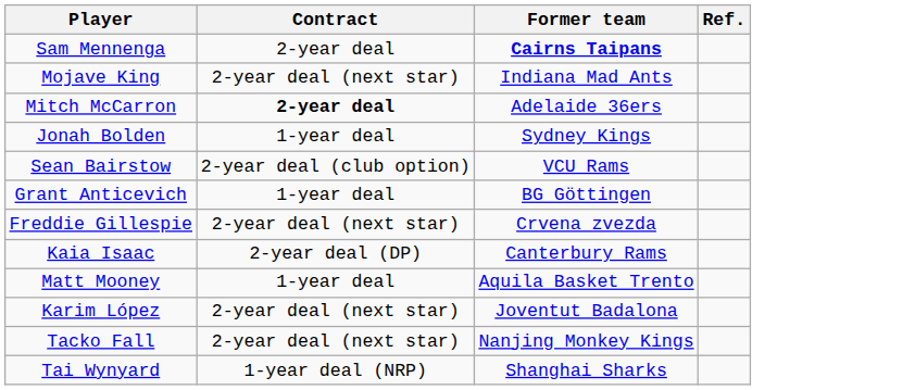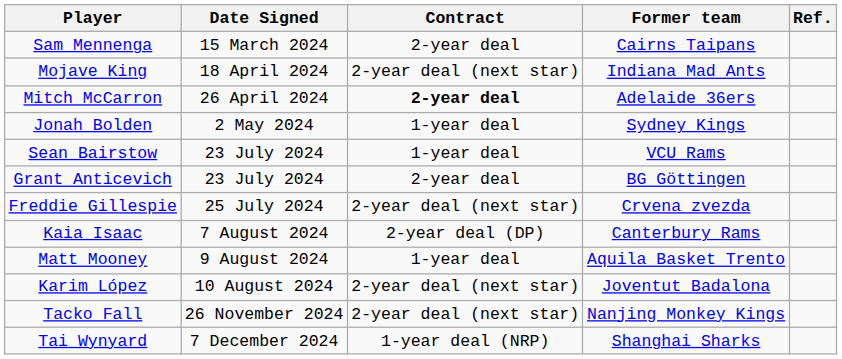 <table class="wikitable sortable sortable" style="text-align: center">
 <tr>
 <th>Player</th>
+<th>Date Signed</th>
 <th>Contract</th>
 <th>Former team</th>
 <th>Ref.</th>
 </tr>
 <tr>
 <td><a href='#'>Sam Mennenga</a></td>
+<td>15 March 2024</td>
 <td>2-year deal</td>
-<td><strong><a href='#'>Cairns Taipans</a></strong></td>
+<td><a href='#'>Cairns Taipans</a></td>
 <td></td>
 </tr>
 <tr>
 <td><a href='#'>Mojave King</a></td>
+<td>18 April 2024</td>
 <td>2-year deal (next star)</td>
 <td><a href='#'>Indiana Mad Ants</a></td>
 <td></td>
 </tr>
 <tr>
 <td><a href='#'>Mitch McCarron</a></td>
+<td>26 April 2024</td>
 <td><strong>2-year deal</strong></td>
 <td><a href='#'>Adelaide 36ers</a></td>
 <td></td>
 </tr>
 <tr>
 <td><a href='#'>Jonah Bolden</a></td>
+<td>2 May 2024</td>
 <td>1-year deal</td>
 <td><a href='#'>Sydney Kings</a></td>
 <td></td>
 </tr>
 <tr>
 <td><a href='#'>Sean Bairstow</a></td>
-<td>2-year deal (club option)</td>
+<td>23 July 2024</td>
+<td>1-year deal</td>
 <td><a href='#'>VCU Rams</a></td>
 <td></td>
 </tr>
 <tr>
 <td><a href='#'>Grant Anticevich</a></td>
-<td>1-year deal</td>
+<td>23 July 2024</td>
+<td>2-year deal</td>
 <td><a href='#'>BG Göttingen</a></td>
 <td></td>
 </tr>
 <tr>
 <td><a href='#'>Freddie Gillespie</a></td>
+<td>25 July 2024</td>
 <td>2-year deal (next star)</td>
 <td><a href='#'>Crvena zvezda</a></td>
 <td></td>
 </tr>
 <tr>
 <td><a href='#'>Kaia Isaac</a></td>
+<td>7 August 2024</td>
 <td>2-year deal (DP)</td>
 <td><a href='#'>Canterbury Rams</a></td>
 <td></td>
 </tr>
 <tr>
 <td><a href='#'>Matt Mooney</a></td>
+<td>9 August 2024</td>
 <td>1-year deal</td>
 <td><a href='#'>Aquila Basket Trento</a></td>
 <td></td>
 </tr>
 <tr>
 <td><a href='#'>Karim López</a></td>
+<td>10 August 2024</td>
 <td>2-year deal (next star)</td>
 <td><a href='#'>Joventut Badalona</a></td>
 <td></td>
 </tr>
 <tr>
 <td><a href='#'>Tacko Fall</a></td>
+<td>26 November 2024</td>
 <td>2-year deal (next star)</td>
 <td><a href='#'>Nanjing Monkey Kings</a></td>
 <td></td>
 </tr>
 <tr>
 <td><a href='#'>Tai Wynyard</a></td>
+<td>7 December 2024</td>
 <td>1-year deal (NRP)</td>
 <td><a href='#'>Shanghai Sharks</a></td>
 <td></td>
 </tr>
 </table>
